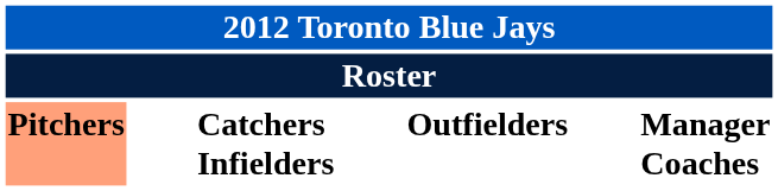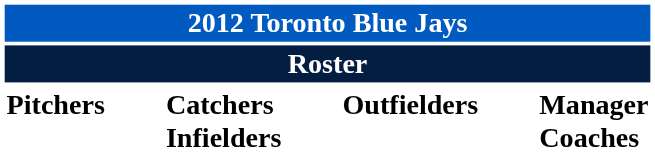 <table class="toccolours" style="font-size: 95%;">
 <tr http://upload.wikimedia.org/wikipedia/en/c/c8/Button_redirect.png>
 <th colspan="10" style="background:#005ac0; color:#fff; text-align:center;">2012 Toronto Blue Jays</th>
 </tr>
 <tr>
 <td colspan="10" style="background:#041E42; color:white; text-align:center;"><strong>Roster</strong></td>
 </tr>
 <tr>
-<td valign="top" style="background: lightsalmon;"><strong>Pitchers</strong><br>                                </td>
+<td valign="top"><strong>Pitchers</strong><br>                                </td>
 <td style="width:25px;"></td>
 <td valign="top"><strong>Catchers</strong><br>   <strong>Infielders</strong>          </td>
 <td style="width:25px;"></td>
 <td valign="top"><strong>Outfielders</strong><br>       </td>
 <td style="width:25px;"></td>
 <td valign="top"><strong>Manager</strong><br> <strong>Coaches</strong>                </td>
 </tr>
 </table>
